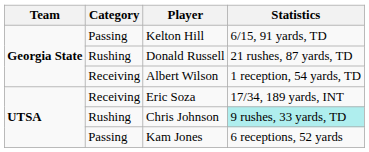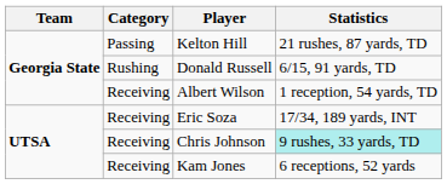 <table class="wikitable" style="float: left;">
 <tr>
 <th>Team</th>
 <th>Category</th>
 <th>Player</th>
 <th>Statistics</th>
 </tr>
 <tr>
 <td rowspan=3><strong>Georgia State</strong></td>
 <td>Passing</td>
 <td>Kelton Hill</td>
-<td>6/15, 91 yards, TD</td>
+<td>21 rushes, 87 yards, TD</td>
 </tr>
 <tr>
 <td>Rushing</td>
 <td>Donald Russell</td>
-<td>21 rushes, 87 yards, TD</td>
+<td>6/15, 91 yards, TD</td>
 </tr>
 <tr>
 <td>Receiving</td>
 <td>Albert Wilson</td>
 <td>1 reception, 54 yards, TD</td>
 </tr>
 <tr>
 <td rowspan=3><strong>UTSA</strong></td>
 <td>Receiving</td>
 <td>Eric Soza</td>
 <td>17/34, 189 yards, INT</td>
 </tr>
 <tr>
-<td>Rushing</td>
+<td>Receiving</td>
 <td>Chris Johnson</td>
 <td style="background: paleturquoise;">9 rushes, 33 yards, TD</td>
 </tr>
 <tr>
-<td>Passing</td>
+<td>Receiving</td>
 <td>Kam Jones</td>
 <td>6 receptions, 52 yards</td>
 </tr>
 </table>
